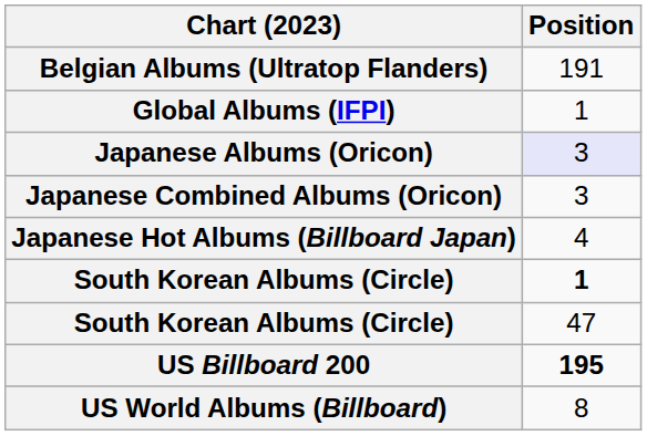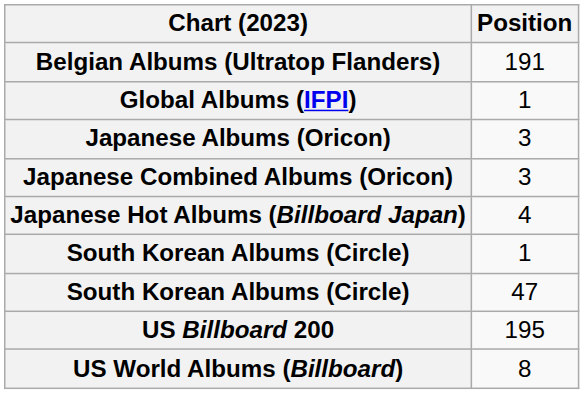 <table class="wikitable plainrowheaders sortable" style="text-align:center">
 <tr>
 <th scope="col">Chart (2023)</th>
 <th scope="col">Position</th>
 </tr>
 <tr>
 <th scope="row">Belgian Albums (Ultratop Flanders)</th>
 <td>191</td>
 </tr>
 <tr>
 <th scope="row">Global Albums (<a href='#'>IFPI</a>)</th>
 <td>1</td>
 </tr>
 <tr>
 <th scope="row">Japanese Albums (Oricon)</th>
-<td style="background: lavender;">3</td>
+<td>3</td>
 </tr>
 <tr>
 <th scope="row">Japanese Combined Albums (Oricon)</th>
 <td>3</td>
 </tr>
 <tr>
 <th scope="row">Japanese Hot Albums (<em>Billboard Japan</em>)</th>
 <td>4</td>
 </tr>
 <tr>
 <th scope="row">South Korean Albums (Circle)</th>
-<td><strong>1</strong></td>
+<td>1</td>
 </tr>
 <tr>
 <th scope="row">South Korean Albums (Circle)<br></th>
 <td>47</td>
 </tr>
 <tr>
 <th scope="row">US <em>Billboard</em> 200</th>
-<td><strong>195</strong></td>
+<td>195</td>
 </tr>
 <tr>
 <th scope="row">US World Albums (<em>Billboard</em>)</th>
 <td>8</td>
 </tr>
 </table>
